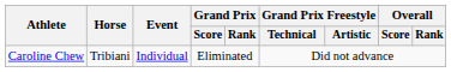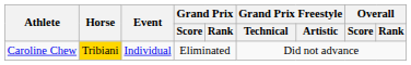 <table class=wikitable style="font-size:90%; text-align:center">
 <tr>
 <th rowspan="2">Athlete</th>
 <th rowspan="2">Horse</th>
 <th rowspan="2">Event</th>
 <th colspan="2">Grand Prix</th>
 <th colspan="2">Grand Prix Freestyle</th>
 <th colspan="2">Overall</th>
 </tr>
 <tr style="font-size:95%">
 <th>Score</th>
 <th>Rank</th>
 <th>Technical</th>
 <th>Artistic</th>
 <th>Score</th>
 <th>Rank</th>
 </tr>
 <tr>
 <td style="text-align:left"><a href='#'>Caroline Chew</a></td>
-<td style="text-align:left">Tribiani</td>
+<td style="background: gold; text-align:left">Tribiani</td>
 <td style="text-align:left"><a href='#'>Individual</a></td>
 <td colspan="2">Eliminated</td>
 <td colspan="6">Did not advance</td>
 </tr>
 </table>
